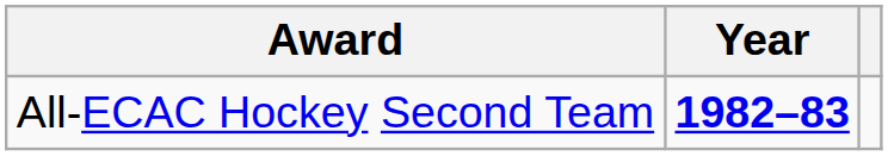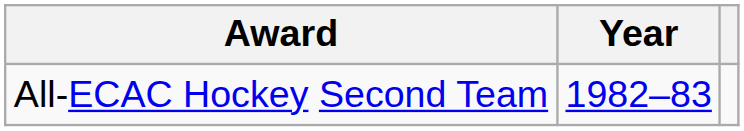 <table class="wikitable">
 <tr>
 <th>Award</th>
 <th>Year</th>
 <th></th>
 </tr>
 <tr>
 <td>All-<a href='#'>ECAC Hockey</a> <a href='#'>Second Team</a></td>
-<td><strong><a href='#'>1982–83</a></strong></td>
+<td><a href='#'>1982–83</a></td>
 <td></td>
 </tr>
 </table>
